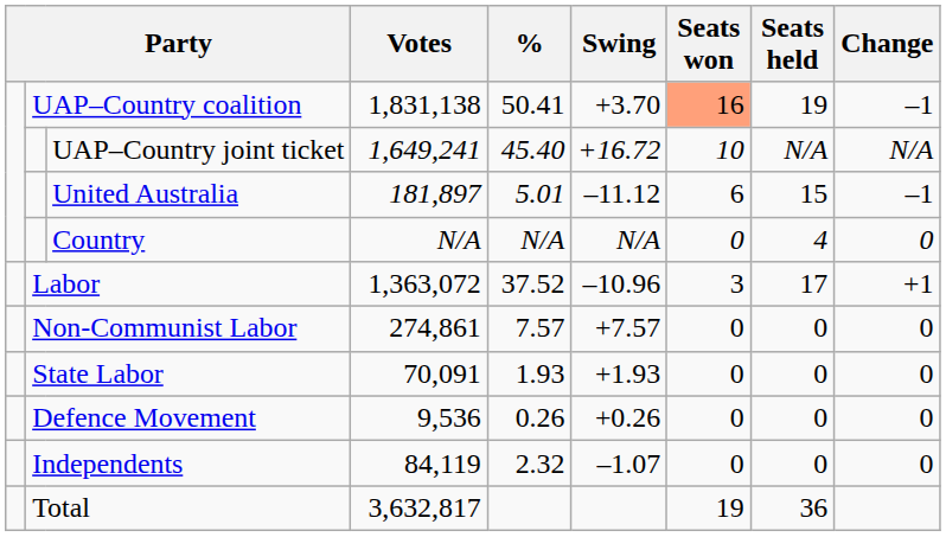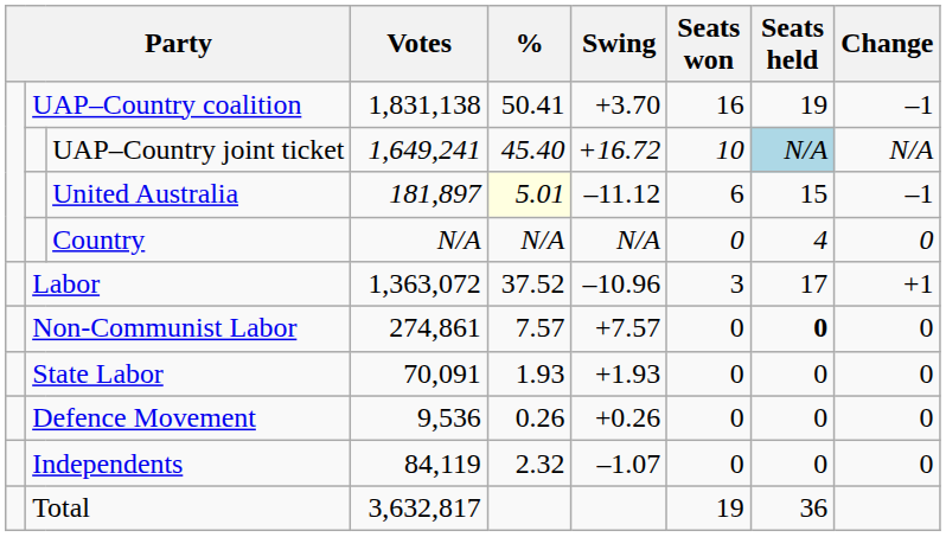 <table class="wikitable">
 <tr>
 <th colspan=3 style="width:180px">Party</th>
 <th style="width:70px">Votes</th>
 <th style="width:40px">%</th>
 <th style="width:40px">Swing</th>
 <th style="width:40px">Seats won</th>
 <th style="width:40px">Seats held</th>
 <th style="width:40px">Change</th>
 </tr>
 <tr>
 <td rowspan=4> </td>
 <td colspan=2><a href='#'>UAP–Country coalition</a></td>
 <td align=right>1,831,138</td>
 <td align=right>50.41</td>
 <td align=right>+3.70</td>
-<td align=right style="background: lightsalmon;">16</td>
+<td align=right>16</td>
 <td align=right>19</td>
 <td align=right>–1</td>
 </tr>
 <tr>
 <td> </td>
 <td>UAP–Country joint ticket</td>
 <td align=right><em>1,649,241</em></td>
 <td align=right><em>45.40</em></td>
 <td align=right><em>+16.72</em></td>
 <td align=right><em>10</em></td>
-<td align=right><em>N/A</em></td>
+<td align=right style="background: lightblue;"><em>N/A</em></td>
 <td align=right><em>N/A</em></td>
 </tr>
 <tr>
 <td> </td>
 <td><a href='#'>United Australia</a></td>
 <td align=right><em>181,897</em></td>
-<td align=right><em>5.01</em></td>
+<td align=right style="background: lightyellow;"><em>5.01</em></td>
 <td align=right>–11.12</td>
 <td align=right>6</td>
 <td align=right>15</td>
 <td align=right>–1</td>
 </tr>
 <tr>
 <td> </td>
 <td><a href='#'>Country</a></td>
 <td align=right><em>N/A</em></td>
 <td align=right><em>N/A</em></td>
 <td align=right><em>N/A</em></td>
 <td align=right><em>0</em></td>
 <td align=right><em>4</em></td>
 <td align=right><em>0</em></td>
 </tr>
 <tr>
 <td> </td>
 <td colspan=2><a href='#'>Labor</a></td>
 <td align=right>1,363,072</td>
 <td align=right>37.52</td>
 <td align=right>–10.96</td>
 <td align=right>3</td>
 <td align=right>17</td>
 <td align=right>+1</td>
 </tr>
 <tr>
 <td> </td>
 <td colspan=2><a href='#'>Non-Communist Labor</a></td>
 <td align=right>274,861</td>
 <td align=right>7.57</td>
 <td align=right>+7.57</td>
 <td align=right>0</td>
-<td align=right>0</td>
+<td align=right><strong>0</strong></td>
 <td align=right>0</td>
 </tr>
 <tr>
 <td> </td>
 <td colspan=2><a href='#'>State Labor</a></td>
 <td align=right>70,091</td>
 <td align=right>1.93</td>
 <td align=right>+1.93</td>
 <td align=right>0</td>
 <td align=right>0</td>
 <td align=right>0</td>
 </tr>
 <tr>
 <td> </td>
 <td colspan=2><a href='#'>Defence Movement</a></td>
 <td align=right>9,536</td>
 <td align=right>0.26</td>
 <td align=right>+0.26</td>
 <td align=right>0</td>
 <td align=right>0</td>
 <td align=right>0</td>
 </tr>
 <tr>
 <td> </td>
 <td colspan=2><a href='#'>Independents</a></td>
 <td align=right>84,119</td>
 <td align=right>2.32</td>
 <td align=right>–1.07</td>
 <td align=right>0</td>
 <td align=right>0</td>
 <td align=right>0</td>
 </tr>
 <tr>
 <td> </td>
 <td colspan=2>Total</td>
 <td align=right>3,632,817</td>
 <td align=right> </td>
 <td align=right> </td>
 <td align=right>19</td>
 <td align=right>36</td>
 <td align=right></td>
 </tr>
 </table>
